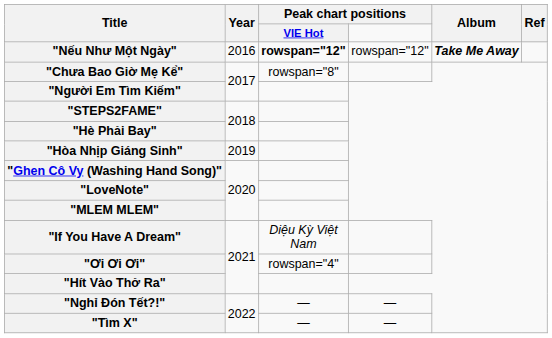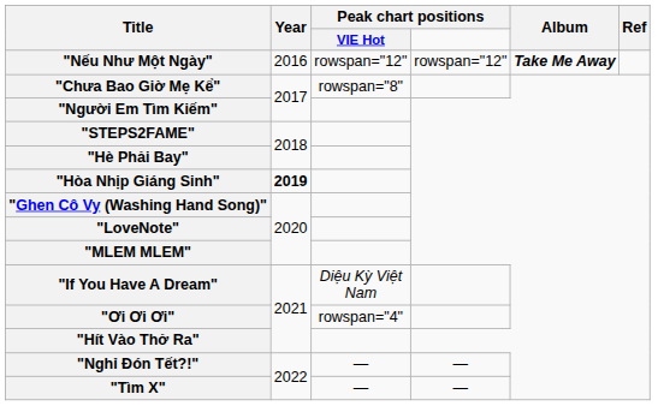 <table class="wikitable plainrowheaders" style="text-align:center">
 <tr>
 <th rowspan="2">Title</th>
 <th rowspan="2">Year</th>
 <th colspan="2”">Peak chart positions</th>
 <th rowspan="2">Album</th>
 <th scope="col" class="unsortable" rowspan="2">Ref</th>
 </tr>
 <tr>
 <th style="width:3em;font-size:90%;"><a href='#'>VIE Hot</a><br></th>
 </tr>
 <tr>
 <th scope="row">"Nếu Như Một Ngày"<br></th>
 <td>2016</td>
-<td><strong>rowspan="12" </strong></td>
+<td>rowspan="12" </td>
 <td>rowspan="12" </td>
 <td><strong><em>Take Me Away</em></strong></td>
 <td></td>
 </tr>
 <tr>
 <th scope="row">"Chưa Bao Giờ Mẹ Kể"<br></th>
 <td rowspan="2">2017</td>
 <td>rowspan="8" </td>
 <td></td>
 </tr>
 <tr>
 <th scope="row">"Người Em Tìm Kiếm"</th>
 <td></td>
 </tr>
 <tr>
 <th scope="row">"STEPS2FAME"</th>
 <td rowspan="2">2018</td>
 <td></td>
 </tr>
 <tr>
 <th scope="row">"Hè Phải Bay" <br></th>
 <td></td>
 </tr>
 <tr>
 <th scope="row">"Hòa Nhịp Giáng Sinh"</th>
-<td>2019</td>
+<td><strong>2019</strong></td>
 <td></td>
 </tr>
 <tr>
 <th scope="row">"<a href='#'>Ghen Cô Vy</a> (Washing Hand Song)"<br></th>
 <td rowspan="3">2020</td>
 <td></td>
 </tr>
 <tr>
 <th scope="row">"LoveNote"<br></th>
 <td></td>
 </tr>
 <tr>
 <th scope="row">"MLEM MLEM"<br></th>
 <td></td>
 </tr>
 <tr>
 <th scope="row">"If You Have A Dream"<br></th>
 <td rowspan=3>2021</td>
 <td><em>Diệu Kỳ Việt Nam</em></td>
 <td></td>
 </tr>
 <tr>
 <th scope="row">"Ơi Ơi Ơi"</th>
 <td>rowspan="4" </td>
 <td></td>
 </tr>
 <tr>
 <th scope="row">"Hít Vào Thở Ra"<br></th>
 <td></td>
 </tr>
 <tr>
 <th scope="row">"Nghỉ Đón Tết?!"<br></th>
 <td rowspan=2>2022</td>
 <td>—</td>
 <td>—</td>
 </tr>
 <tr>
 <th scope="row">"Tìm X"</th>
 <td>—</td>
 <td>—</td>
 </tr>
 </table>
